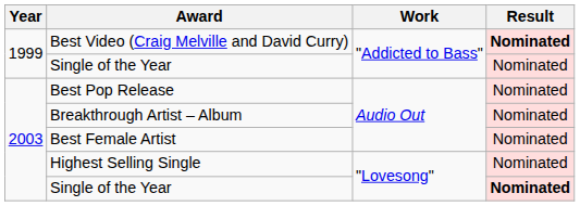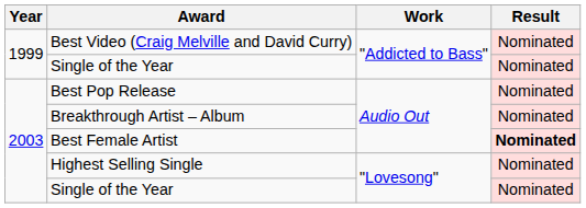 <table class="wikitable">
 <tr>
 <th>Year</th>
 <th>Award</th>
 <th>Work</th>
 <th>Result</th>
 </tr>
 <tr>
 <td rowspan="2">1999</td>
 <td>Best Video (<a href='#'>Craig Melville</a> and David Curry)</td>
 <td rowspan="2">"<a href='#'>Addicted to Bass</a>"</td>
-<td style="text-align:center; background:#fdd;"><strong>Nominated</strong></td>
+<td style="text-align:center; background:#fdd;">Nominated</td>
 </tr>
 <tr>
 <td>Single of the Year</td>
 <td style="text-align:center; background:#fdd;">Nominated</td>
 </tr>
 <tr>
 <td rowspan="5"><a href='#'>2003</a></td>
 <td>Best Pop Release</td>
 <td rowspan="3"><em><a href='#'>Audio Out</a></em></td>
 <td style="text-align:center; background:#fdd;">Nominated</td>
 </tr>
 <tr>
 <td>Breakthrough Artist – Album</td>
 <td style="text-align:center; background:#fdd;">Nominated</td>
 </tr>
 <tr>
 <td>Best Female Artist</td>
-<td style="text-align:center; background:#fdd;">Nominated</td>
+<td style="text-align:center; background:#fdd;"><strong>Nominated</strong></td>
 </tr>
 <tr>
 <td>Highest Selling Single</td>
 <td rowspan="2">"<a href='#'>Lovesong</a>"</td>
 <td style="text-align:center; background:#fdd;">Nominated</td>
 </tr>
 <tr>
 <td>Single of the Year</td>
-<td style="text-align:center; background:#fdd;"><strong>Nominated</strong></td>
+<td style="text-align:center; background:#fdd;">Nominated</td>
 </tr>
 </table>
